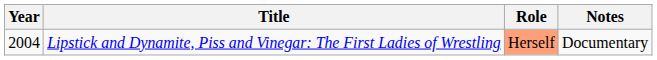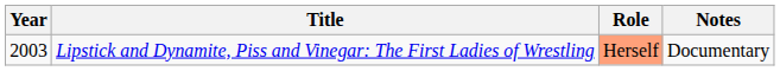 <table class="wikitable sortable">
 <tr>
 <th>Year</th>
 <th>Title</th>
 <th>Role</th>
 <th class="unsortable">Notes</th>
 </tr>
 <tr>
-<td>2004</td>
+<td>2003</td>
 <td><em><a href='#'>Lipstick and Dynamite, Piss and Vinegar: The First Ladies of Wrestling</a></em></td>
 <td style="background: lightsalmon;">Herself</td>
 <td>Documentary</td>
 </tr>
 </table>
